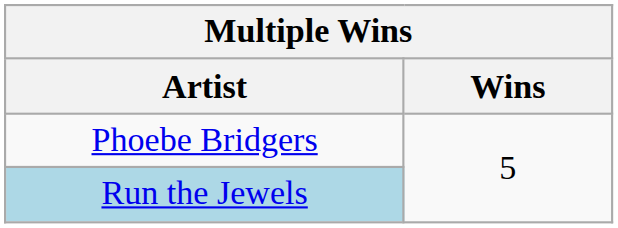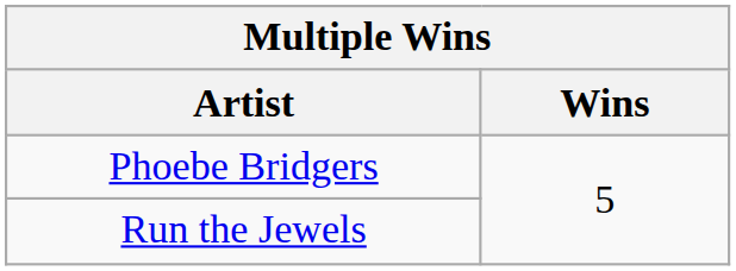 <table class="wikitable sortable" style="text-align: center">
 <tr>
 <th colspan="2" align="center">Multiple Wins</th>
 </tr>
 <tr>
 <th style="width:180px;">Artist</th>
 <th style="width:090px;">Wins</th>
 </tr>
 <tr>
 <td><a href='#'>Phoebe Bridgers</a></td>
 <td rowspan="2">5</td>
 </tr>
 <tr>
-<td style="background: lightblue;"><a href='#'>Run the Jewels</a></td>
+<td><a href='#'>Run the Jewels</a></td>
 </tr>
 </table>
